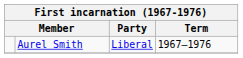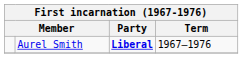 <table class="wikitable">
 <tr>
 <th colspan="4">First incarnation (1967-1976)</th>
 </tr>
 <tr>
 <th colspan="2">Member</th>
 <th>Party</th>
 <th>Term</th>
 </tr>
 <tr>
 <td> </td>
 <td><a href='#'>Aurel Smith</a>    </td>
-<td><a href='#'>Liberal</a></td>
+<td><strong><a href='#'>Liberal</a></strong></td>
 <td>1967–1976    </td>
 </tr>
 <tr>
 </tr>
 </table>
